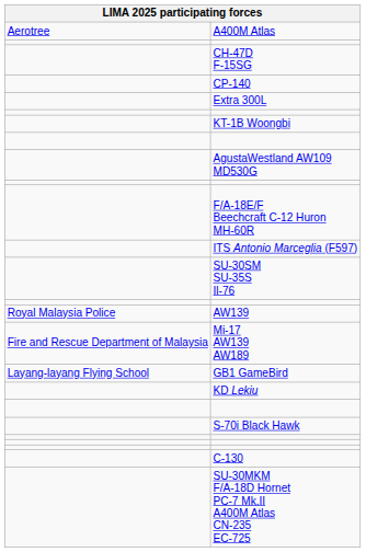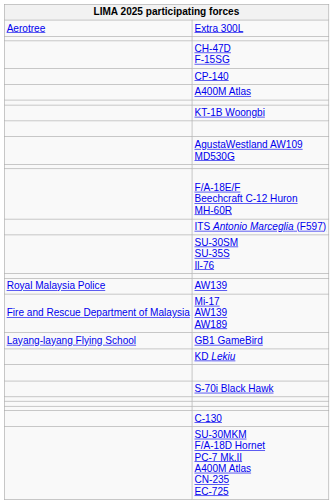 <table class="wikitable collapsible collapsed">
 <tr>
 <th colspan=2>LIMA 2025 participating forces</th>
 </tr>
 <tr>
 <td><a href='#'>Aerotree</a></td>
-<td><a href='#'>A400M Atlas</a></td>
+<td><a href='#'>Extra 300L</a></td>
 </tr>
 <tr>
 <td></td>
 <td></td>
 </tr>
 <tr>
 <td></td>
 <td><a href='#'>CH-47D</a><br><a href='#'>F-15SG</a></td>
 </tr>
 <tr>
 <td></td>
 <td><a href='#'>CP-140</a></td>
 </tr>
 <tr>
 <td></td>
-<td><a href='#'>Extra 300L</a></td>
+<td><a href='#'>A400M Atlas</a></td>
 </tr>
 <tr>
 <td></td>
 <td></td>
 </tr>
 <tr>
 <td></td>
 <td><a href='#'>KT-1B Woongbi</a></td>
 </tr>
 <tr>
 <td></td>
 <td><br></td>
 </tr>
 <tr>
 <td></td>
 <td><a href='#'>AgustaWestland AW109</a><br><a href='#'>MD530G</a></td>
 </tr>
 <tr>
 <td></td>
 <td></td>
 </tr>
 <tr>
 <td></td>
 <td><br><a href='#'>F/A-18E/F</a><br><a href='#'>Beechcraft C-12 Huron</a><br><a href='#'>MH-60R</a></td>
 </tr>
 <tr>
 <td></td>
 <td><a href='#'>ITS <em>Antonio Marceglia</em> (F597)</a></td>
 </tr>
 <tr>
 <td></td>
 <td><a href='#'>SU-30SM</a><br><a href='#'>SU-35S</a><br><a href='#'>Il-76</a></td>
 </tr>
 <tr>
 <td></td>
 <td></td>
 </tr>
 <tr>
 <td><a href='#'>Royal Malaysia Police</a></td>
 <td><a href='#'>AW139</a></td>
 </tr>
 <tr>
 <td> <a href='#'>Fire and Rescue Department of Malaysia</a></td>
 <td><a href='#'>Mi-17</a><br><a href='#'>AW139</a><br><a href='#'>AW189</a></td>
 </tr>
 <tr>
 <td> <a href='#'>Layang-layang Flying School</a></td>
 <td><a href='#'>GB1 GameBird</a></td>
 </tr>
 <tr>
 <td></td>
 <td><a href='#'>KD <em>Lekiu</em></a></td>
 </tr>
 <tr>
 <td></td>
 <td><br></td>
 </tr>
 <tr>
 <td></td>
 <td><a href='#'>S-70i Black Hawk</a></td>
 </tr>
 <tr>
 <td></td>
 <td></td>
 </tr>
 <tr>
 <td></td>
 <td></td>
 </tr>
 <tr>
 <td></td>
 <td></td>
 </tr>
 <tr>
 <td></td>
 <td><a href='#'>C-130</a></td>
 </tr>
 <tr>
 <td></td>
 <td><a href='#'>SU-30MKM</a><br><a href='#'>F/A-18D Hornet</a><br><a href='#'>PC-7 Mk.II</a><br><a href='#'>A400M Atlas</a><br><a href='#'>CN-235</a><br><a href='#'>EC-725</a></td>
 </tr>
 </table>
